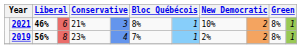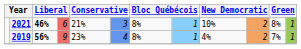 <table class="wikitable" style="width:400; font-size:90%; margin-left:1em;">
 <tr>
 <th colspan="2" scope="col">Year</th>
 <th colspan="2" scope="col"><a href='#'>Liberal</a></th>
 <th colspan="2" scope="col"><a href='#'>Conservative</a></th>
 <th colspan="2" scope="col"><a href='#'>Bloc Québécois</a></th>
 <th colspan="2" scope="col"><a href='#'>New Democratic</a></th>
 <th colspan="2" scope="col"><a href='#'>Green</a></th>
 </tr>
 <tr>
 <td rowspan="2" style="width: 0.25em; background-color: "></td>
 <th><a href='#'>2021</a></th>
 <td><strong>46%</strong></td>
 <td style="text-align:right; background:#EA6D6A;"><em>6</em></td>
 <td>21%</td>
 <td style="text-align:right; background:#6495ED;"><em>3</em></td>
 <td>8%</td>
 <td style="text-align:right; background:#87CEFA;"><em>1</em></td>
 <td>10%</td>
 <td style="text-align:right; background:#F4A460;"><em>2</em></td>
 <td>8%</td>
 <td style="text-align:right; background:#99C955;"><em>1</em></td>
 </tr>
 <tr>
 <th><a href='#'>2019</a></th>
 <td><strong>56%</strong></td>
-<td style="text-align:right; background:#EA6D6A;"><em>8</em></td>
+<td style="text-align:right; background:#EA6D6A;"><em>9</em></td>
 <td>23%</td>
 <td style="text-align:right; background:#6495ED;"><em>4</em></td>
+<td>8%</td>
+<td style="text-align:right; background:#87CEFA;"><em>1</em></td>
+<td>4%</td>
+<td style="text-align:right; background:#F4A460;"><em>2</em></td>
 <td>7%</td>
-<td style="text-align:right; background:#87CEFA;"><em>1</em></td>
-<td>2%</td>
-<td style="text-align:right; background:#F4A460;"><em>2</em></td>
-<td>8%</td>
 <td style="text-align:right; background:#99C955;"><em>1</em></td>
 </tr>
 <tr>
 </tr>
 </table>
